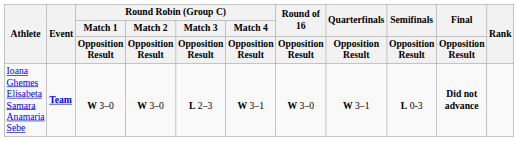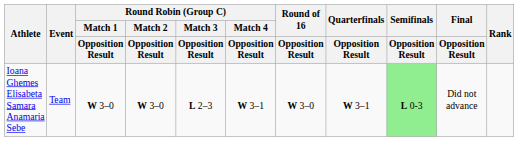 <table class="wikitable" border="1" style="font-size:90%">
 <tr>
 <th rowspan=3>Athlete</th>
 <th rowspan=3>Event</th>
 <th colspan=4>Round Robin (Group C)</th>
 <th rowspan=2>Round of 16</th>
 <th rowspan=2>Quarterfinals</th>
 <th rowspan=2>Semifinals</th>
 <th rowspan=2>Final</th>
 <th rowspan=3>Rank</th>
 </tr>
 <tr>
 <th>Match 1</th>
 <th>Match 2</th>
 <th>Match 3</th>
 <th>Match 4</th>
 </tr>
 <tr>
 <th>Opposition<br>Result</th>
 <th>Opposition<br>Result</th>
 <th>Opposition<br>Result</th>
 <th>Opposition<br>Result</th>
 <th>Opposition<br>Result</th>
 <th>Opposition<br>Result</th>
 <th>Opposition<br>Result</th>
 <th>Opposition<br>Result</th>
 </tr>
 <tr>
 <td><a href='#'>Ioana Ghemes</a><br><a href='#'>Elisabeta Samara</a><br><a href='#'>Anamaria Sebe</a></td>
-<td><strong><a href='#'>Team</a></strong></td>
+<td><a href='#'>Team</a></td>
 <td align=center><br><strong>W</strong> 3–0</td>
 <td align=center><br><strong>W</strong> 3–0</td>
 <td align=center><br><strong>L</strong> 2–3</td>
 <td align=center><br><strong>W</strong> 3–1</td>
 <td align=center><br><strong>W</strong> 3–0</td>
 <td align=center><br><strong>W</strong> 3–1</td>
-<td align=center><br><strong>L</strong> 0-3</td>
-<td align=center><strong>Did not advance</strong></td>
+<td align=center style="background: lightgreen;"><br><strong>L</strong> 0-3</td>
+<td align=center>Did not advance</td>
 <td align=center></td>
 </tr>
 </table>
